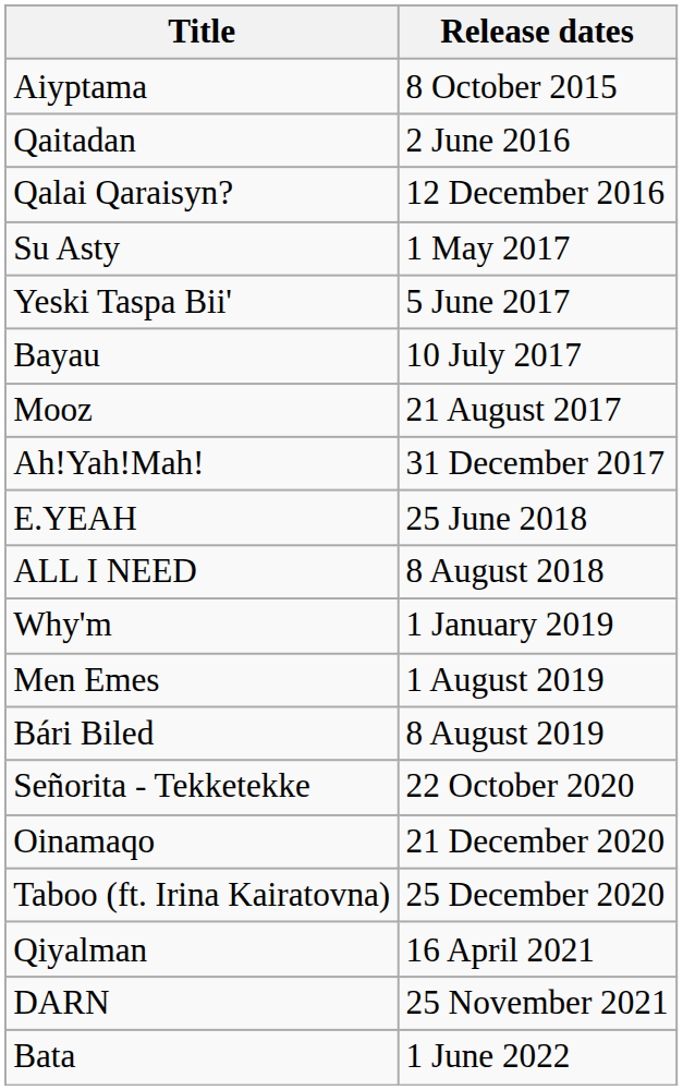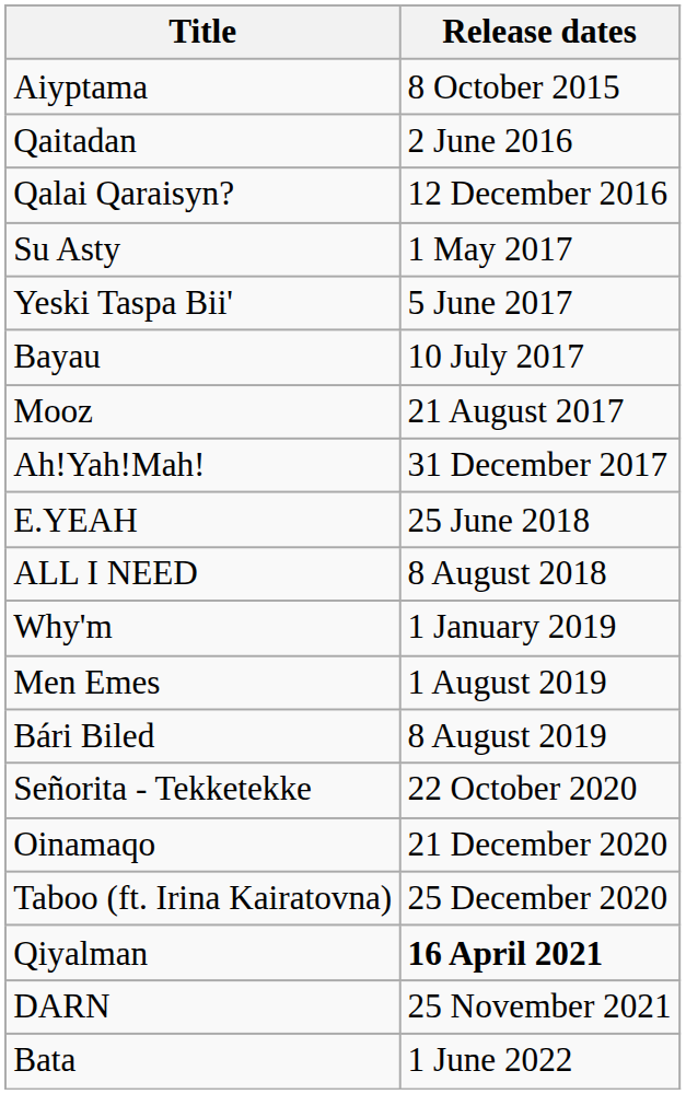 <table class="wikitable">
 <tr>
 <th>Title</th>
 <th>Release dates</th>
 </tr>
 <tr>
 <td>Aiyptama</td>
 <td>8 October 2015</td>
 </tr>
 <tr>
 <td>Qaitadan</td>
 <td>2 June 2016</td>
 </tr>
 <tr>
 <td>Qalai Qaraisyn?</td>
 <td>12 December 2016</td>
 </tr>
 <tr>
 <td>Su Asty</td>
 <td>1 May 2017</td>
 </tr>
 <tr>
 <td>Yeski Taspa Bii'</td>
 <td>5 June 2017</td>
 </tr>
 <tr>
 <td>Bayau</td>
 <td>10 July 2017</td>
 </tr>
 <tr>
 <td>Mooz</td>
 <td>21 August 2017</td>
 </tr>
 <tr>
 <td>Ah!Yah!Mah!</td>
 <td>31 December 2017</td>
 </tr>
 <tr>
 <td>E.YEAH</td>
 <td>25 June 2018</td>
 </tr>
 <tr>
 <td>ALL I NEED</td>
 <td>8 August 2018</td>
 </tr>
 <tr>
 <td>Why'm</td>
 <td>1 January 2019</td>
 </tr>
 <tr>
 <td>Men Emes</td>
 <td>1 August 2019</td>
 </tr>
 <tr>
 <td>Bári Biled</td>
 <td>8 August 2019</td>
 </tr>
 <tr>
 <td>Señorita - Tekketekke</td>
 <td>22 October 2020</td>
 </tr>
 <tr>
 <td>Oinamaqo</td>
 <td>21 December 2020</td>
 </tr>
 <tr>
 <td>Taboo (ft. Irina Kairatovna)</td>
 <td>25 December 2020</td>
 </tr>
 <tr>
 <td>Qiyalman</td>
-<td>16 April 2021</td>
+<td><strong>16 April 2021</strong></td>
 </tr>
 <tr>
 <td>DARN</td>
 <td>25 November 2021</td>
 </tr>
 <tr>
 <td>Bata</td>
 <td>1 June 2022</td>
 </tr>
 </table>
